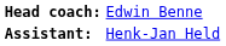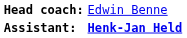 <table>
 <tr>
 <td><strong>Head coach:</strong></td>
 <td><a href='#'>Edwin Benne</a></td>
 </tr>
 <tr>
 <td><strong>Assistant:</strong></td>
-<td><a href='#'>Henk-Jan Held</a></td>
+<td><strong><a href='#'>Henk-Jan Held</a></strong></td>
 </tr>
 </table>
